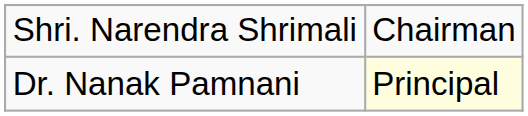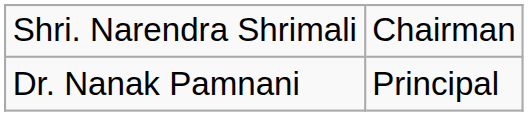 <table class="wikitable">
 <tr>
 <td>Shri. Narendra Shrimali</td>
 <td>Chairman</td>
 </tr>
 <tr>
 <td>Dr. Nanak Pamnani</td>
-<td style="background: lightyellow;">Principal</td>
+<td>Principal</td>
 </tr>
 </table>
